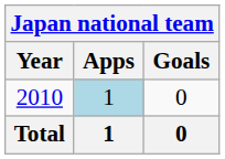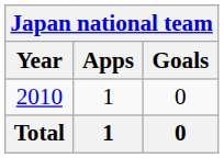 <table class="wikitable" style="text-align:center">
 <tr>
 <th colspan=3><a href='#'>Japan national team</a></th>
 </tr>
 <tr>
 <th>Year</th>
 <th>Apps</th>
 <th>Goals</th>
 </tr>
 <tr>
 <td><a href='#'>2010</a></td>
-<td style="background: lightblue;">1</td>
+<td>1</td>
 <td>0</td>
 </tr>
 <tr>
 <th>Total</th>
 <th>1</th>
 <th>0</th>
 </tr>
 </table>
